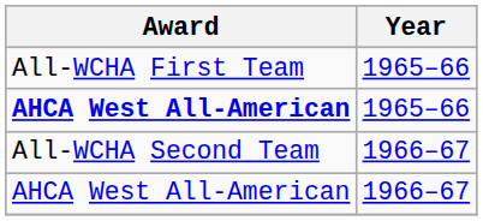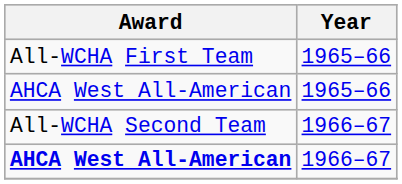 <table class="wikitable">
 <tr>
 <th>Award</th>
 <th>Year</th>
 </tr>
 <tr>
 <td>All-<a href='#'>WCHA</a> <a href='#'>First Team</a></td>
 <td><a href='#'>1965–66</a></td>
 </tr>
 <tr>
-<td><strong><a href='#'>AHCA</a> <a href='#'>West All-American</a></strong></td>
+<td><a href='#'>AHCA</a> <a href='#'>West All-American</a></td>
 <td><a href='#'>1965–66</a></td>
 </tr>
 <tr>
 <td>All-<a href='#'>WCHA</a> <a href='#'>Second Team</a></td>
 <td><a href='#'>1966–67</a></td>
 </tr>
 <tr>
-<td><a href='#'>AHCA</a> <a href='#'>West All-American</a></td>
+<td><strong><a href='#'>AHCA</a> <a href='#'>West All-American</a></strong></td>
 <td><a href='#'>1966–67</a></td>
 </tr>
 <tr>
 </tr>
 </table>
